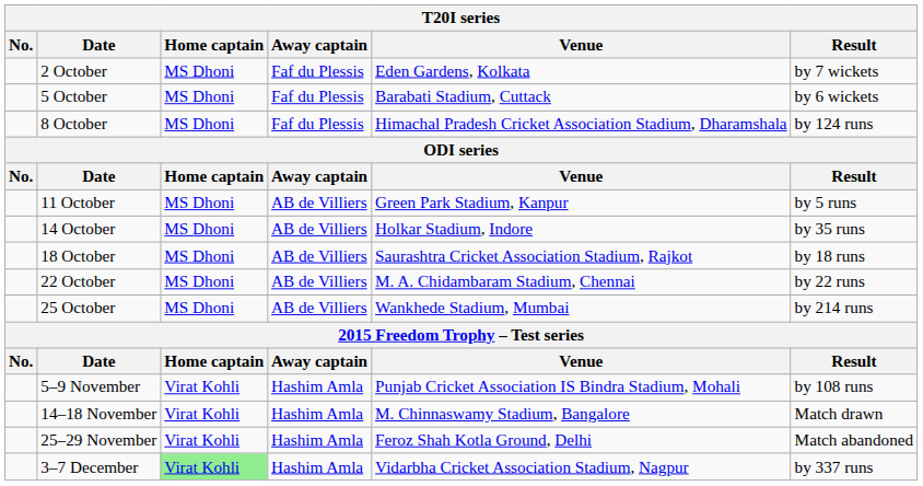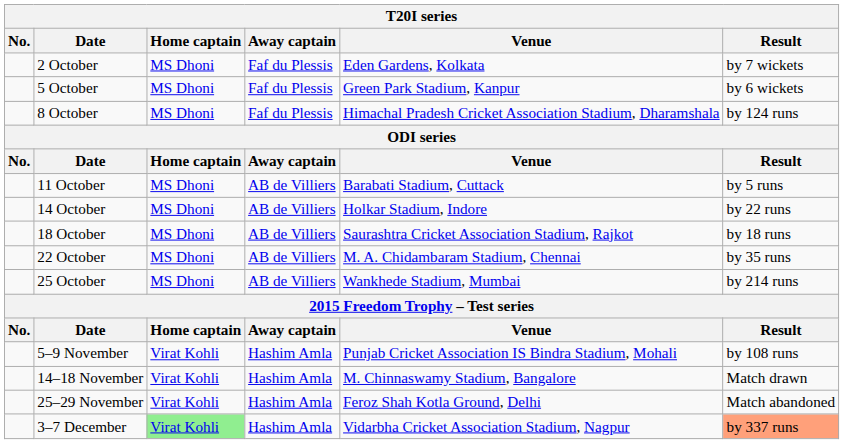 <table class="wikitable">
 <tr>
 <th colspan="9">T20I series</th>
 </tr>
 <tr>
 <th>No.</th>
 <th>Date</th>
 <th>Home captain</th>
 <th>Away captain</th>
 <th>Venue</th>
 <th>Result</th>
 </tr>
 <tr>
 <td></td>
 <td>2 October</td>
 <td><a href='#'>MS Dhoni</a></td>
 <td><a href='#'>Faf du Plessis</a></td>
 <td><a href='#'>Eden Gardens</a>, <a href='#'>Kolkata</a></td>
 <td> by 7 wickets</td>
 </tr>
 <tr>
 <td></td>
 <td>5 October</td>
 <td><a href='#'>MS Dhoni</a></td>
 <td><a href='#'>Faf du Plessis</a></td>
-<td><a href='#'>Barabati Stadium</a>, <a href='#'>Cuttack</a></td>
+<td><a href='#'>Green Park Stadium</a>, <a href='#'>Kanpur</a></td>
 <td> by 6 wickets</td>
 </tr>
 <tr>
 <td></td>
 <td>8 October</td>
 <td><a href='#'>MS Dhoni</a></td>
 <td><a href='#'>Faf du Plessis</a></td>
 <td><a href='#'>Himachal Pradesh Cricket Association Stadium</a>, <a href='#'>Dharamshala</a></td>
 <td> by 124 runs</td>
 </tr>
 <tr>
 <th colspan="9">ODI series</th>
 </tr>
 <tr>
 <th>No.</th>
 <th>Date</th>
 <th>Home captain</th>
 <th>Away captain</th>
 <th>Venue</th>
 <th>Result</th>
 </tr>
 <tr>
 <td></td>
 <td>11 October</td>
 <td><a href='#'>MS Dhoni</a></td>
 <td><a href='#'>AB de Villiers</a></td>
-<td><a href='#'>Green Park Stadium</a>, <a href='#'>Kanpur</a></td>
+<td><a href='#'>Barabati Stadium</a>, <a href='#'>Cuttack</a></td>
 <td> by 5 runs</td>
 </tr>
 <tr>
 <td></td>
 <td>14 October</td>
 <td><a href='#'>MS Dhoni</a></td>
 <td><a href='#'>AB de Villiers</a></td>
 <td><a href='#'>Holkar Stadium</a>, <a href='#'>Indore</a></td>
-<td> by 35 runs</td>
+<td> by 22 runs</td>
 </tr>
 <tr>
 <td></td>
 <td>18 October</td>
 <td><a href='#'>MS Dhoni</a></td>
 <td><a href='#'>AB de Villiers</a></td>
 <td><a href='#'>Saurashtra Cricket Association Stadium</a>, <a href='#'>Rajkot</a></td>
 <td> by 18 runs</td>
 </tr>
 <tr>
 <td></td>
 <td>22 October</td>
 <td><a href='#'>MS Dhoni</a></td>
 <td><a href='#'>AB de Villiers</a></td>
 <td><a href='#'>M. A. Chidambaram Stadium</a>, <a href='#'>Chennai</a></td>
-<td> by 22 runs</td>
+<td> by 35 runs</td>
 </tr>
 <tr>
 <td></td>
 <td>25 October</td>
 <td><a href='#'>MS Dhoni</a></td>
 <td><a href='#'>AB de Villiers</a></td>
 <td><a href='#'>Wankhede Stadium</a>, <a href='#'>Mumbai</a></td>
 <td> by 214 runs</td>
 </tr>
 <tr>
 <th colspan="9"><a href='#'>2015 Freedom Trophy</a> – Test series</th>
 </tr>
 <tr>
 <th>No.</th>
 <th>Date</th>
 <th>Home captain</th>
 <th>Away captain</th>
 <th>Venue</th>
 <th>Result</th>
 </tr>
 <tr>
 <td></td>
 <td>5–9 November</td>
 <td><a href='#'>Virat Kohli</a></td>
 <td><a href='#'>Hashim Amla</a></td>
 <td><a href='#'>Punjab Cricket Association IS Bindra Stadium</a>, <a href='#'>Mohali</a></td>
 <td> by 108 runs</td>
 </tr>
 <tr>
 <td></td>
 <td>14–18 November</td>
 <td><a href='#'>Virat Kohli</a></td>
 <td><a href='#'>Hashim Amla</a></td>
 <td><a href='#'>M. Chinnaswamy Stadium</a>, <a href='#'>Bangalore</a></td>
 <td>Match drawn</td>
 </tr>
 <tr>
 <td></td>
 <td>25–29 November</td>
 <td><a href='#'>Virat Kohli</a></td>
 <td><a href='#'>Hashim Amla</a></td>
 <td><a href='#'>Feroz Shah Kotla Ground</a>, <a href='#'>Delhi</a></td>
 <td>Match abandoned</td>
 </tr>
 <tr>
 <td></td>
 <td>3–7 December</td>
 <td style="background: lightgreen;"><a href='#'>Virat Kohli</a></td>
 <td><a href='#'>Hashim Amla</a></td>
 <td><a href='#'>Vidarbha Cricket Association Stadium</a>, <a href='#'>Nagpur</a></td>
-<td> by 337 runs</td>
+<td style="background: lightsalmon;"> by 337 runs</td>
 </tr>
 </table>
